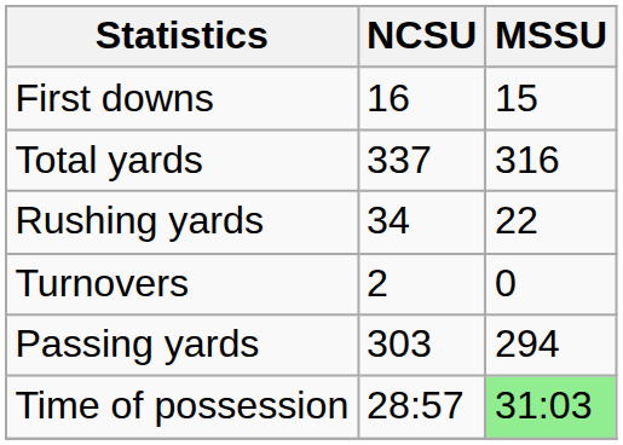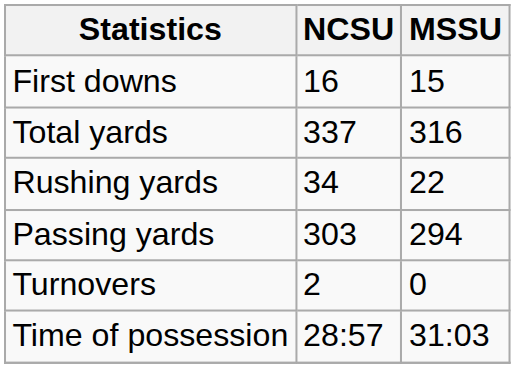 <table class="wikitable">
 <tr>
 <th>Statistics</th>
 <th>NCSU</th>
 <th>MSSU</th>
 </tr>
 <tr>
 <td>First downs</td>
 <td>16</td>
 <td>15</td>
 </tr>
 <tr>
 <td>Total yards</td>
 <td>337</td>
 <td>316</td>
 </tr>
 <tr>
 <td>Rushing yards</td>
 <td>34</td>
 <td>22</td>
 </tr>
 <tr>
+<td>Passing yards</td>
+<td>303</td>
+<td>294</td>
+</tr>
+<tr>
 <td>Turnovers</td>
 <td>2</td>
 <td>0</td>
 </tr>
 <tr>
-<td>Passing yards</td>
-<td>303</td>
-<td>294</td>
-</tr>
-<tr>
 <td>Time of possession</td>
 <td>28:57</td>
-<td style="background: lightgreen;">31:03</td>
+<td>31:03</td>
 </tr>
 <tr>
 </tr>
 </table>
